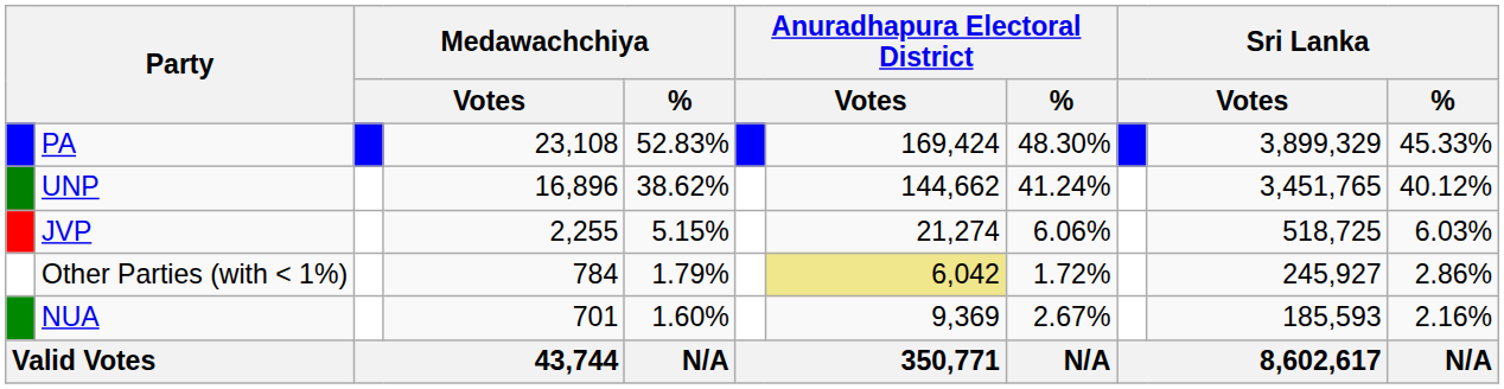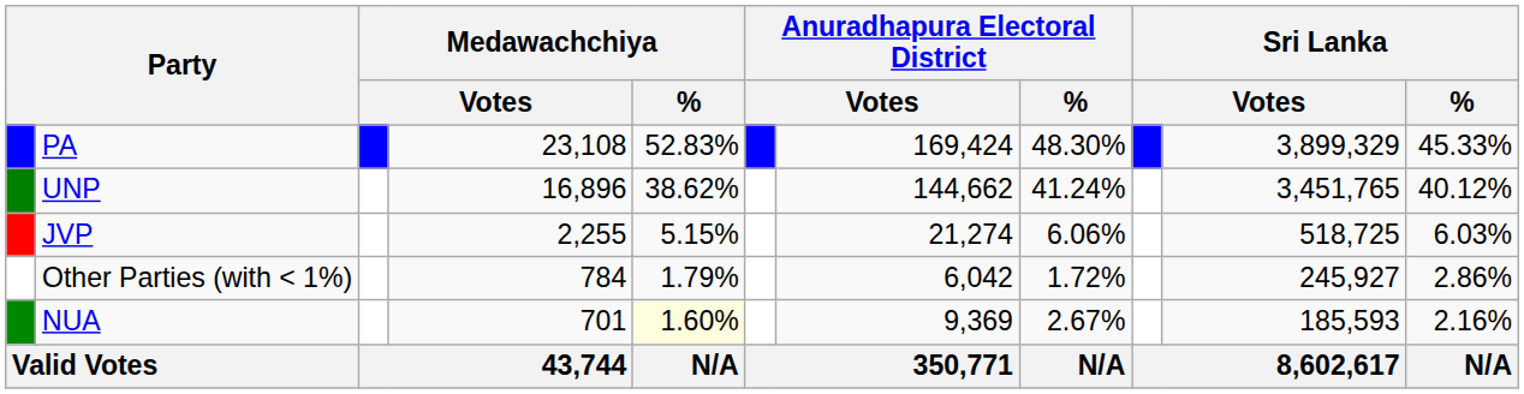 <table class="wikitable">
 <tr>
 <th colspan="2" width="144px"rowspan="2">Party</th>
 <th colspan="3" width="216px">Medawachchiya</th>
 <th colspan="3" width="216px"><a href='#'>Anuradhapura Electoral District</a></th>
 <th colspan="3" width="216px">Sri Lanka</th>
 </tr>
 <tr>
 <th colspan="2" width="144px">Votes</th>
 <th>%</th>
 <th colspan="2" width="144px">Votes</th>
 <th>%</th>
 <th colspan="2" width="144px">Votes</th>
 <th>%</th>
 </tr>
 <tr>
 <td style="background-color:blue;" width="10px"></td>
 <td style="text-align:left;"><a href='#'>PA</a></td>
 <td style="background-color:blue;" width="10px"></td>
 <td style="text-align:right;">23,108</td>
 <td style="text-align:right;">52.83%</td>
 <td style="background-color:blue;" width="10px"></td>
 <td style="text-align:right;">169,424</td>
 <td style="text-align:right;">48.30%</td>
 <td style="background-color:blue;" width="10px"></td>
 <td style="text-align:right;">3,899,329</td>
 <td style="text-align:right;">45.33%</td>
 </tr>
 <tr>
 <td style="background-color:green;" width="10px"></td>
 <td style="text-align:left;"><a href='#'>UNP</a></td>
 <td style="background-color:white;" width="10px"></td>
 <td style="text-align:right;">16,896</td>
 <td style="text-align:right;">38.62%</td>
 <td style="background-color:white;" width="10px"></td>
 <td style="text-align:right;">144,662</td>
 <td style="text-align:right;">41.24%</td>
 <td style="background-color:white;" width="10px"></td>
 <td style="text-align:right;">3,451,765</td>
 <td style="text-align:right;">40.12%</td>
 </tr>
 <tr>
 <td style="background-color:red;" width="10px"></td>
 <td style="text-align:left;"><a href='#'>JVP</a></td>
 <td style="background-color:white;" width="10px"></td>
 <td style="text-align:right;">2,255</td>
 <td style="text-align:right;">5.15%</td>
 <td style="background-color:white;" width="10px"></td>
 <td style="text-align:right;">21,274</td>
 <td style="text-align:right;">6.06%</td>
 <td style="background-color:white;" width="10px"></td>
 <td style="text-align:right;">518,725</td>
 <td style="text-align:right;">6.03%</td>
 </tr>
 <tr>
 <td style="background-color:white;" width="10px"></td>
 <td style="text-align:left;">Other Parties (with < 1%)</td>
 <td style="background-color:white;" width="10px"></td>
 <td style="text-align:right;">784</td>
 <td style="text-align:right;">1.79%</td>
 <td style="background-color:white;" width="10px"></td>
-<td style="background: khaki; text-align:right;">6,042</td>
+<td style="text-align:right;">6,042</td>
 <td style="text-align:right;">1.72%</td>
 <td style="background-color:white;" width="10px"></td>
 <td style="text-align:right;">245,927</td>
 <td style="text-align:right;">2.86%</td>
 </tr>
 <tr>
 <td style="background-color:#008800;" width="10px"></td>
 <td style="text-align:left;"><a href='#'>NUA</a></td>
 <td style="background-color:white;" width="10px"></td>
 <td style="text-align:right;">701</td>
-<td style="text-align:right;">1.60%</td>
+<td style="background: lightyellow; text-align:right;">1.60%</td>
 <td style="background-color:white;" width="10px"></td>
 <td style="text-align:right;">9,369</td>
 <td style="text-align:right;">2.67%</td>
 <td style="background-color:white;" width="10px"></td>
 <td style="text-align:right;">185,593</td>
 <td style="text-align:right;">2.16%</td>
 </tr>
 <tr>
 <th colspan="2" width="144px"style="text-align:left;">Valid Votes</th>
 <th style="text-align:right;"colspan="2" width="144px">43,744</th>
 <th style="text-align:right;">N/A</th>
 <th style="text-align:right;"colspan="2" width="144px">350,771</th>
 <th style="text-align:right;">N/A</th>
 <th style="text-align:right;"colspan="2" width="144px">8,602,617</th>
 <th style="text-align:right;">N/A</th>
 </tr>
 </table>
